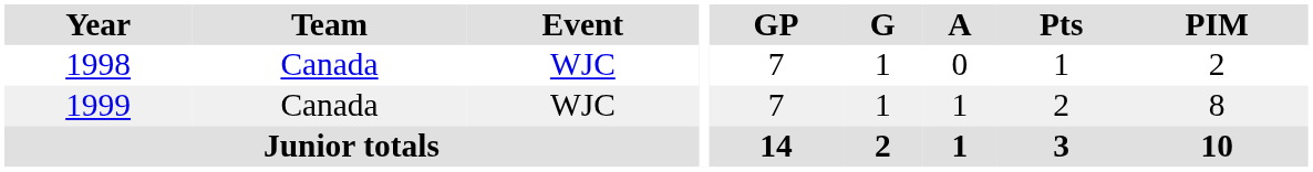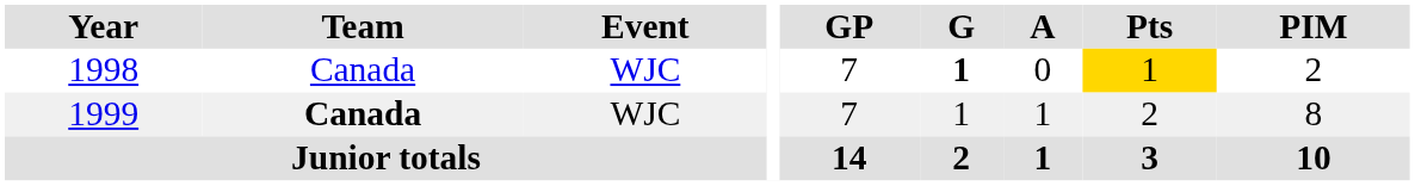 <table border="0" cellpadding="1" cellspacing="0" ID="Table3" style="text-align:center; width:40em">
 <tr ALIGN="center" bgcolor="#e0e0e0">
 <th>Year</th>
 <th>Team</th>
 <th>Event</th>
 <th rowspan="99" bgcolor="#ffffff"></th>
 <th>GP</th>
 <th>G</th>
 <th>A</th>
 <th>Pts</th>
 <th>PIM</th>
 </tr>
 <tr>
 <td><a href='#'>1998</a></td>
 <td><a href='#'>Canada</a></td>
 <td><a href='#'>WJC</a></td>
 <td>7</td>
-<td>1</td>
+<td><strong>1</strong></td>
 <td>0</td>
-<td>1</td>
+<td style="background: gold;">1</td>
 <td>2</td>
 </tr>
 <tr bgcolor="#f0f0f0">
 <td><a href='#'>1999</a></td>
-<td>Canada</td>
+<td><strong>Canada</strong></td>
 <td>WJC</td>
 <td>7</td>
 <td>1</td>
 <td>1</td>
 <td>2</td>
 <td>8</td>
 </tr>
 <tr style="background:#e0e0e0;">
 <th colspan="3">Junior totals</th>
 <th>14</th>
 <th>2</th>
 <th>1</th>
 <th>3</th>
 <th>10</th>
 </tr>
 </table>
